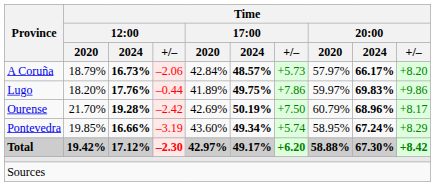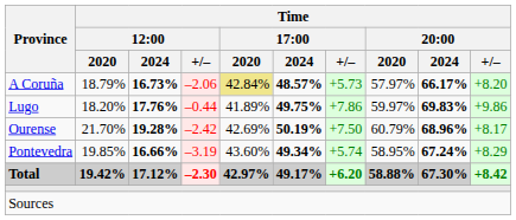 <table class="wikitable sortable" style="text-align:right;">
 <tr>
 <th rowspan="3">Province</th>
 <th colspan="9">Time</th>
 </tr>
 <tr>
 <th colspan="3">12:00</th>
 <th colspan="3">17:00</th>
 <th colspan="3">20:00</th>
 </tr>
 <tr>
 <th>2020</th>
 <th>2024</th>
 <th>+/–</th>
 <th>2020</th>
 <th>2024</th>
 <th>+/–</th>
 <th>2020</th>
 <th>2024</th>
 <th>+/–</th>
 </tr>
 <tr>
 <td align="left"><a href='#'>A Coruña</a></td>
 <td>18.79%</td>
 <td><strong>16.73%</strong></td>
 <td style="background:#FFE8E8; color:red;">–2.06</td>
-<td>42.84%</td>
+<td style="background: khaki;">42.84%</td>
 <td><strong>48.57%</strong></td>
 <td style="background:#DDFFDD; color:green;">+5.73</td>
 <td>57.97%</td>
 <td><strong>66.17%</strong></td>
 <td style="background:#DDFFDD; color:green;">+8.20</td>
 </tr>
 <tr>
 <td align="left"><a href='#'>Lugo</a></td>
 <td>18.20%</td>
 <td><strong>17.76%</strong></td>
 <td style="background:#FFE8E8; color:red;">–0.44</td>
 <td>41.89%</td>
 <td><strong>49.75%</strong></td>
 <td style="background:#DDFFDD; color:green;">+7.86</td>
 <td>59.97%</td>
 <td><strong>69.83%</strong></td>
 <td style="background:#DDFFDD; color:green;">+9.86</td>
 </tr>
 <tr>
 <td align="left"><a href='#'>Ourense</a></td>
 <td>21.70%</td>
 <td><strong>19.28%</strong></td>
 <td style="background:#FFE8E8; color:red;">–2.42</td>
 <td>42.69%</td>
 <td><strong>50.19%</strong></td>
 <td style="background:#DDFFDD; color:green;">+7.50</td>
 <td>60.79%</td>
 <td><strong>68.96%</strong></td>
 <td style="background:#DDFFDD; color:green;">+8.17</td>
 </tr>
 <tr>
 <td align="left"><a href='#'>Pontevedra</a></td>
 <td>19.85%</td>
 <td><strong>16.66%</strong></td>
 <td style="background:#FFE8E8; color:red;">–3.19</td>
 <td>43.60%</td>
 <td><strong>49.34%</strong></td>
 <td style="background:#DDFFDD; color:green;">+5.74</td>
 <td>58.95%</td>
 <td><strong>67.24%</strong></td>
 <td style="background:#DDFFDD; color:green;">+8.29</td>
 </tr>
 <tr style="background:#CDCDCD;">
 <td align="left"><strong>Total</strong></td>
 <td><strong>19.42%</strong></td>
 <td><strong>17.12%</strong></td>
 <td style="background:#FFE8E8; color:red;"><strong>–2.30</strong></td>
 <td><strong>42.97%</strong></td>
 <td><strong>49.17%</strong></td>
 <td style="background:#DDFFDD; color:green;"><strong>+6.20</strong></td>
 <td><strong>58.88%</strong></td>
 <td><strong>67.30%</strong></td>
 <td style="background:#DDFFDD; color:green;"><strong>+8.42</strong></td>
 </tr>
 <tr>
 <td colspan="10" bgcolor="#E9E9E9"></td>
 </tr>
 <tr>
 <td align="left" colspan="10">Sources</td>
 </tr>
 </table>
